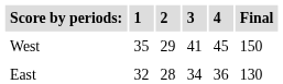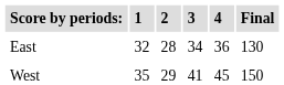 <table cellpadding=5>
 <tr bgcolor="#dddddd">
 <td><strong>Score by periods:</strong></td>
 <td><strong>1</strong></td>
 <td><strong>2</strong></td>
 <td><strong>3</strong></td>
 <td><strong>4</strong></td>
 <td><strong>Final</strong></td>
 </tr>
 <tr>
+<td>East</td>
+<td>32</td>
+<td>28</td>
+<td>34</td>
+<td>36</td>
+<td>130</td>
+</tr>
+<tr>
 <td>West</td>
 <td>35</td>
 <td>29</td>
 <td>41</td>
 <td>45</td>
 <td>150</td>
 </tr>
 <tr>
-<td>East</td>
-<td>32</td>
-<td>28</td>
-<td>34</td>
-<td>36</td>
-<td>130</td>
-</tr>
-<tr>
 </tr>
 </table>
